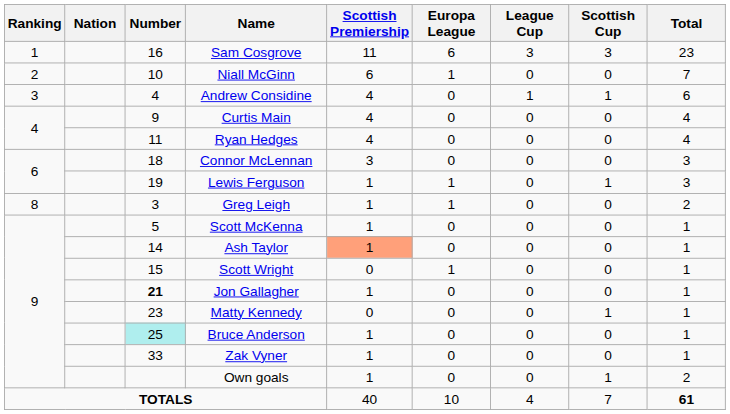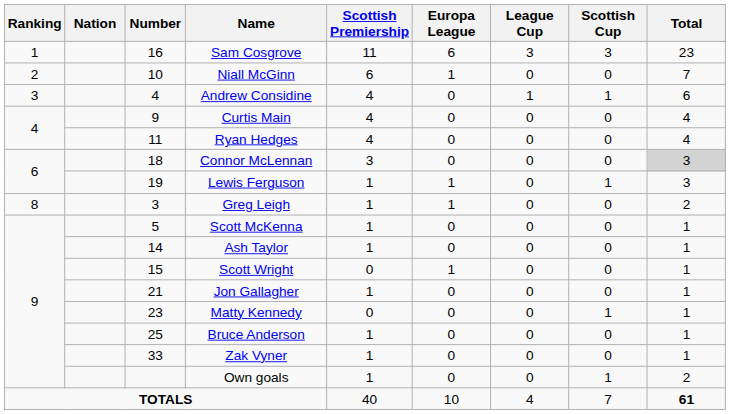 <table class="wikitable" style="font-size: 95%; text-align: center;">
 <tr>
 <th width=60>Ranking</th>
 <th width=60>Nation</th>
 <th width=60>Number</th>
 <th width=150>Name</th>
 <th width=80><a href='#'>Scottish Premiership</a></th>
 <th width=80>Europa League</th>
 <th width=80>League Cup</th>
 <th width=80>Scottish Cup</th>
 <th width=80>Total</th>
 </tr>
 <tr>
 <td>1</td>
 <td></td>
 <td>16</td>
 <td><a href='#'>Sam Cosgrove</a></td>
 <td>11</td>
 <td>6</td>
 <td>3</td>
 <td>3</td>
 <td>23</td>
 </tr>
 <tr>
 <td>2</td>
 <td></td>
 <td>10</td>
 <td><a href='#'>Niall McGinn</a></td>
 <td>6</td>
 <td>1</td>
 <td>0</td>
 <td>0</td>
 <td>7</td>
 </tr>
 <tr>
 <td>3</td>
 <td></td>
 <td>4</td>
 <td><a href='#'>Andrew Considine</a></td>
 <td>4</td>
 <td>0</td>
 <td>1</td>
 <td>1</td>
 <td>6</td>
 </tr>
 <tr>
 <td rowspan=2>4</td>
 <td></td>
 <td>9</td>
 <td><a href='#'>Curtis Main</a></td>
 <td>4</td>
 <td>0</td>
 <td>0</td>
 <td>0</td>
 <td>4</td>
 </tr>
 <tr>
 <td></td>
 <td>11</td>
 <td><a href='#'>Ryan Hedges</a></td>
 <td>4</td>
 <td>0</td>
 <td>0</td>
 <td>0</td>
 <td>4</td>
 </tr>
 <tr>
 <td rowspan=2>6</td>
 <td></td>
 <td>18</td>
 <td><a href='#'>Connor McLennan</a></td>
 <td>3</td>
 <td>0</td>
 <td>0</td>
 <td>0</td>
-<td>3</td>
+<td style="background: lightgrey;">3</td>
 </tr>
 <tr>
 <td></td>
 <td>19</td>
 <td><a href='#'>Lewis Ferguson</a></td>
 <td>1</td>
 <td>1</td>
 <td>0</td>
 <td>1</td>
 <td>3</td>
 </tr>
 <tr>
 <td>8</td>
 <td></td>
 <td>3</td>
 <td><a href='#'>Greg Leigh</a></td>
 <td>1</td>
 <td>1</td>
 <td>0</td>
 <td>0</td>
 <td>2</td>
 </tr>
 <tr>
 <td rowspan=8>9</td>
 <td></td>
 <td>5</td>
 <td><a href='#'>Scott McKenna</a></td>
 <td>1</td>
 <td>0</td>
 <td>0</td>
 <td>0</td>
 <td>1</td>
 </tr>
 <tr>
 <td></td>
 <td>14</td>
 <td><a href='#'>Ash Taylor</a></td>
-<td style="background: lightsalmon;">1</td>
+<td>1</td>
 <td>0</td>
 <td>0</td>
 <td>0</td>
 <td>1</td>
 </tr>
 <tr>
 <td></td>
 <td>15</td>
 <td><a href='#'>Scott Wright</a></td>
 <td>0</td>
 <td>1</td>
 <td>0</td>
 <td>0</td>
 <td>1</td>
 </tr>
 <tr>
 <td></td>
-<td><strong>21</strong></td>
+<td>21</td>
 <td><a href='#'>Jon Gallagher</a></td>
 <td>1</td>
 <td>0</td>
 <td>0</td>
 <td>0</td>
 <td>1</td>
 </tr>
 <tr>
 <td></td>
 <td>23</td>
 <td><a href='#'>Matty Kennedy</a></td>
 <td>0</td>
 <td>0</td>
 <td>0</td>
 <td>1</td>
 <td>1</td>
 </tr>
 <tr>
 <td></td>
-<td style="background: paleturquoise;">25</td>
+<td>25</td>
 <td><a href='#'>Bruce Anderson</a></td>
 <td>1</td>
 <td>0</td>
 <td>0</td>
 <td>0</td>
 <td>1</td>
 </tr>
 <tr>
 <td></td>
 <td>33</td>
 <td><a href='#'>Zak Vyner</a></td>
 <td>1</td>
 <td>0</td>
 <td>0</td>
 <td>0</td>
 <td>1</td>
 </tr>
 <tr>
 <td></td>
 <td></td>
 <td>Own goals</td>
 <td>1</td>
 <td>0</td>
 <td>0</td>
 <td>1</td>
 <td>2</td>
 </tr>
 <tr>
 <td colspan=4><strong>TOTALS</strong></td>
 <td>40</td>
 <td>10</td>
 <td>4</td>
 <td>7</td>
 <td><strong>61</strong></td>
 </tr>
 </table>
